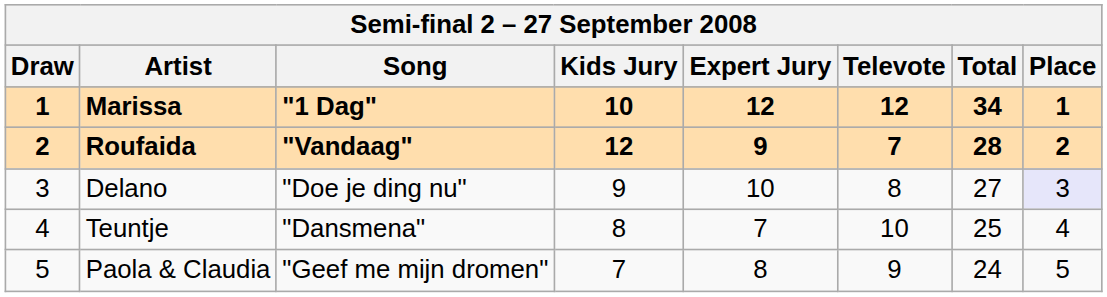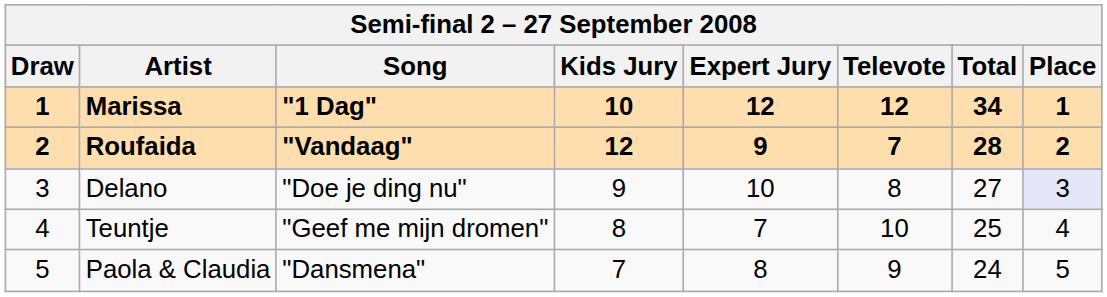 <table class="sortable wikitable" style="margin: 1em auto 1em auto; text-align:center;">
 <tr>
 <th colspan="8">Semi-final 2 – <strong>27 September 2008</strong></th>
 </tr>
 <tr bgcolor="#CCCCCC">
 <th>Draw</th>
 <th>Artist</th>
 <th>Song</th>
 <th>Kids Jury</th>
 <th>Expert Jury</th>
 <th>Televote</th>
 <th>Total</th>
 <th>Place</th>
 </tr>
 <tr style="font-weight:bold; background:#FFDEAD;">
 <td>1</td>
 <td align="left"><strong>Marissa</strong></td>
 <td align="left"><strong>"1 Dag"</strong></td>
 <td><strong>10</strong></td>
 <td><strong>12</strong></td>
 <td><strong>12</strong></td>
 <td><strong>34</strong></td>
 <td><strong>1</strong></td>
 </tr>
 <tr style="font-weight:bold; background:#FFDEAD;">
 <td>2</td>
 <td align="left"><strong>Roufaida</strong></td>
 <td align="left"><strong>"Vandaag"</strong></td>
 <td><strong>12</strong></td>
 <td><strong>9</strong></td>
 <td><strong>7</strong></td>
 <td><strong>28</strong></td>
 <td><strong>2</strong></td>
 </tr>
 <tr>
 <td>3</td>
 <td align="left">Delano</td>
 <td align="left">"Doe je ding nu"</td>
 <td>9</td>
 <td>10</td>
 <td>8</td>
 <td>27</td>
 <td style="background: lavender;">3</td>
 </tr>
 <tr>
 <td>4</td>
 <td align="left">Teuntje</td>
-<td align="left">"Dansmena"</td>
+<td align="left">"Geef me mijn dromen"</td>
 <td>8</td>
 <td>7</td>
 <td>10</td>
 <td>25</td>
 <td>4</td>
 </tr>
 <tr>
 <td>5</td>
 <td align="left">Paola & Claudia</td>
-<td align="left">"Geef me mijn dromen"</td>
+<td align="left">"Dansmena"</td>
 <td>7</td>
 <td>8</td>
 <td>9</td>
 <td>24</td>
 <td>5</td>
 </tr>
 </table>
